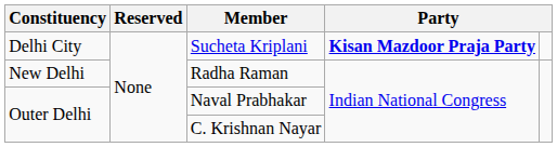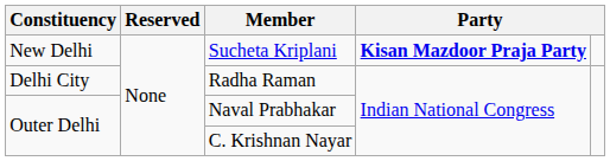 <table class= "wikitable">
 <tr>
 <th>Constituency</th>
 <th>Reserved</th>
 <th>Member</th>
 <th colspan=2>Party</th>
 </tr>
 <tr>
-<td>Delhi City</td>
+<td>New Delhi</td>
 <td rowspan=4>None</td>
 <td><a href='#'>Sucheta Kriplani</a></td>
 <td><strong><a href='#'>Kisan Mazdoor Praja Party</a></strong></td>
 <td></td>
 </tr>
 <tr>
-<td>New Delhi</td>
+<td>Delhi City</td>
 <td>Radha Raman</td>
 <td rowspan=3><a href='#'>Indian National Congress</a></td>
 <td rowspan=3 width="4px" style="background-color: "></td>
 </tr>
 <tr>
 <td rowspan=2>Outer Delhi</td>
 <td>Naval Prabhakar</td>
 </tr>
 <tr>
 <td>C. Krishnan Nayar</td>
 </tr>
 </table>
